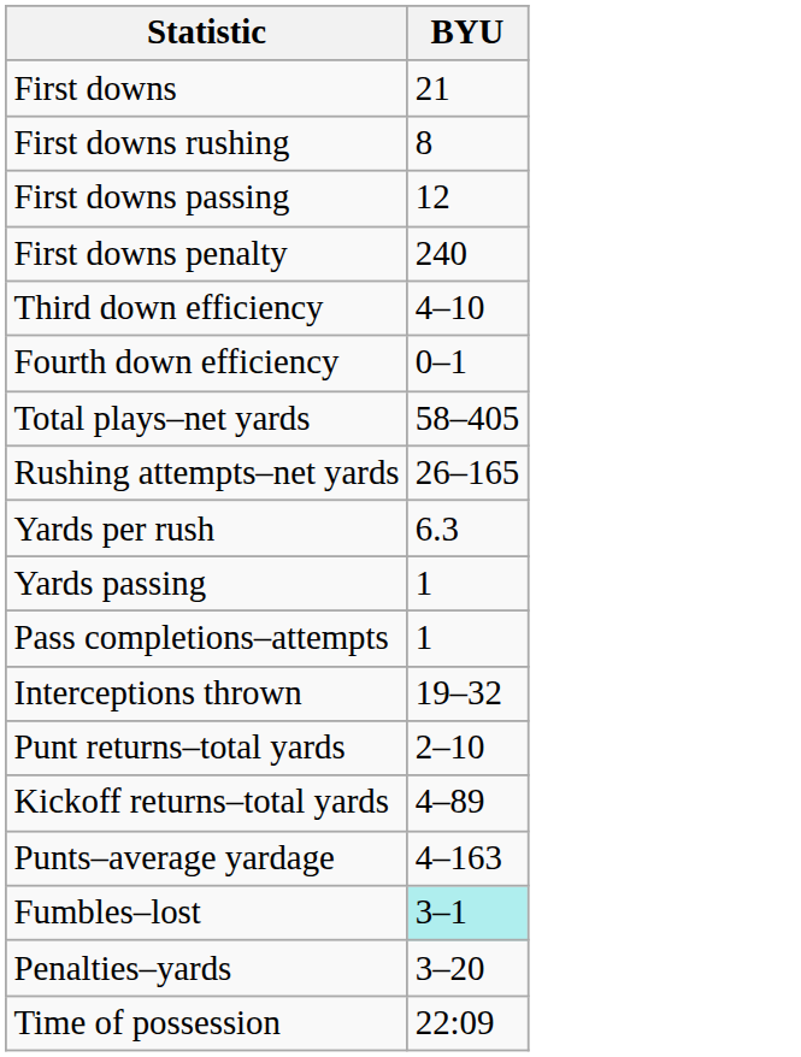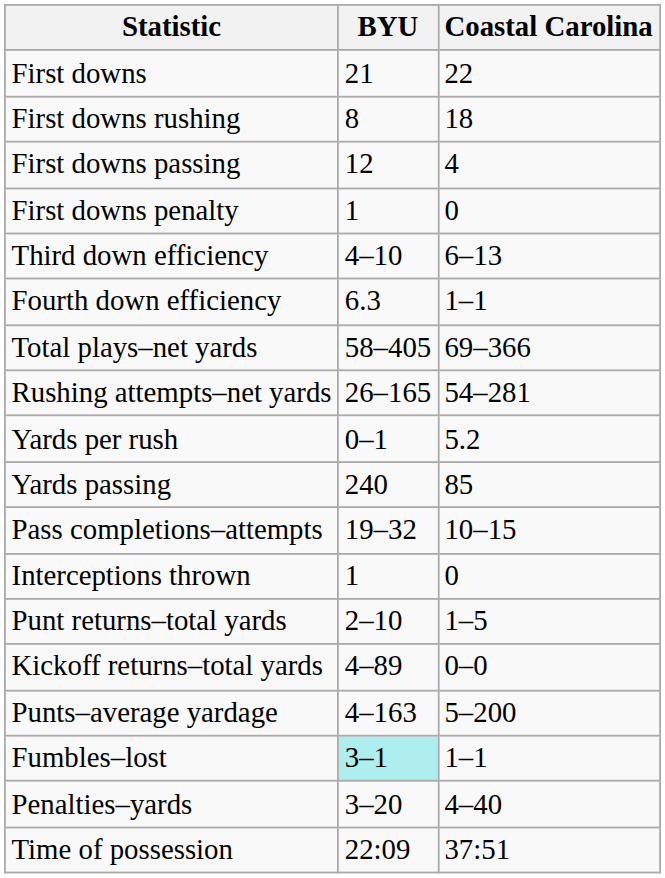 <table class="wikitable">
 <tr>
 <th>Statistic</th>
 <th><strong>BYU</strong></th>
+<th><strong>Coastal Carolina</strong></th>
 </tr>
 <tr>
 <td>First downs</td>
 <td>21</td>
+<td>22</td>
 </tr>
 <tr>
 <td>First downs rushing</td>
 <td>8</td>
+<td>18</td>
 </tr>
 <tr>
 <td>First downs passing</td>
 <td>12</td>
+<td>4</td>
 </tr>
 <tr>
 <td>First downs penalty</td>
-<td>240</td>
+<td>1</td>
+<td>0</td>
 </tr>
 <tr>
 <td>Third down efficiency</td>
 <td>4–10</td>
+<td>6–13</td>
 </tr>
 <tr>
 <td>Fourth down efficiency</td>
-<td>0–1</td>
+<td>6.3</td>
+<td>1–1</td>
 </tr>
 <tr>
 <td>Total plays–net yards</td>
 <td>58–405</td>
+<td>69–366</td>
 </tr>
 <tr>
 <td>Rushing attempts–net yards</td>
 <td>26–165</td>
+<td>54–281</td>
 </tr>
 <tr>
 <td>Yards per rush</td>
-<td>6.3</td>
+<td>0–1</td>
+<td>5.2</td>
 </tr>
 <tr>
 <td>Yards passing</td>
-<td>1</td>
+<td>240</td>
+<td>85</td>
 </tr>
 <tr>
 <td>Pass completions–attempts</td>
-<td>1</td>
+<td>19–32</td>
+<td>10–15</td>
 </tr>
 <tr>
 <td>Interceptions thrown</td>
-<td>19–32</td>
+<td>1</td>
+<td>0</td>
 </tr>
 <tr>
 <td>Punt returns–total yards</td>
 <td>2–10</td>
+<td>1–5</td>
 </tr>
 <tr>
 <td>Kickoff returns–total yards</td>
 <td>4–89</td>
+<td>0–0</td>
 </tr>
 <tr>
 <td>Punts–average yardage</td>
 <td>4–163</td>
+<td>5–200</td>
 </tr>
 <tr>
 <td>Fumbles–lost</td>
 <td style="background: paleturquoise;">3–1</td>
+<td>1–1</td>
 </tr>
 <tr>
 <td>Penalties–yards</td>
 <td>3–20</td>
+<td>4–40</td>
 </tr>
 <tr>
 <td>Time of possession</td>
 <td>22:09</td>
+<td>37:51</td>
 </tr>
 </table>
